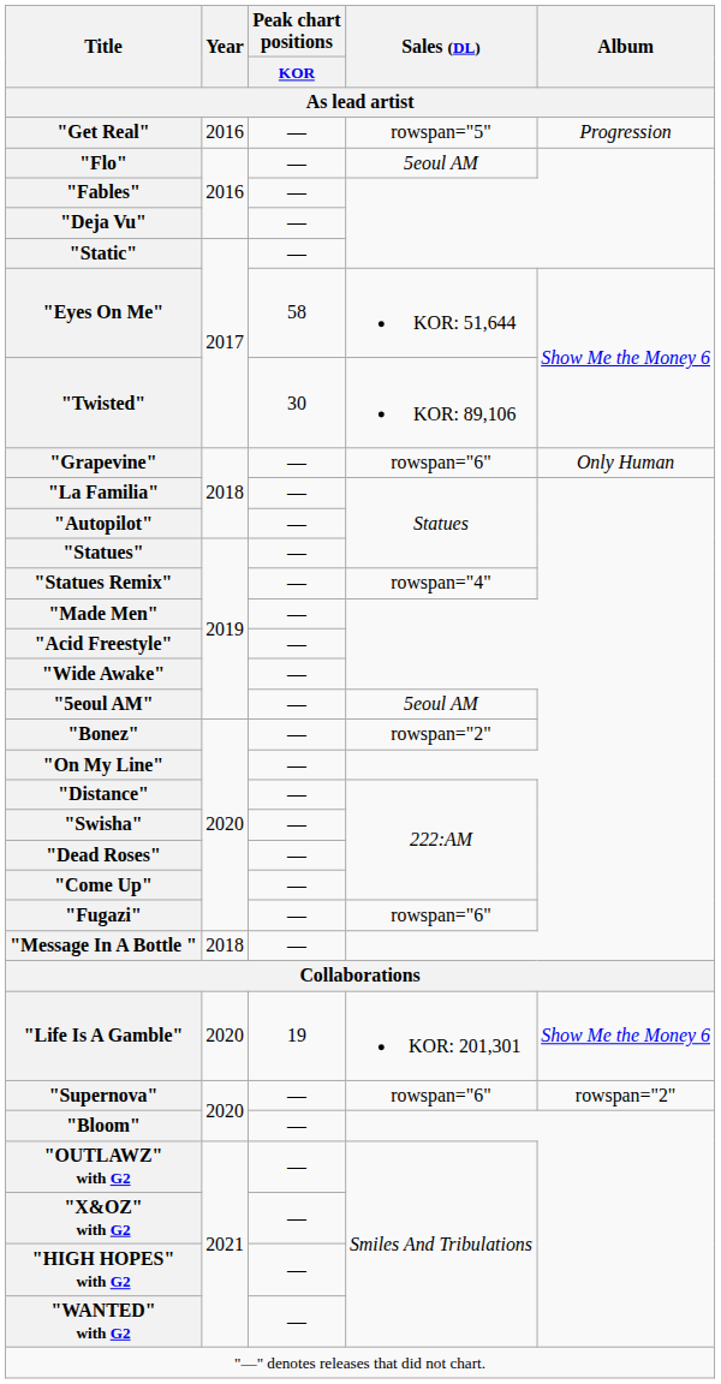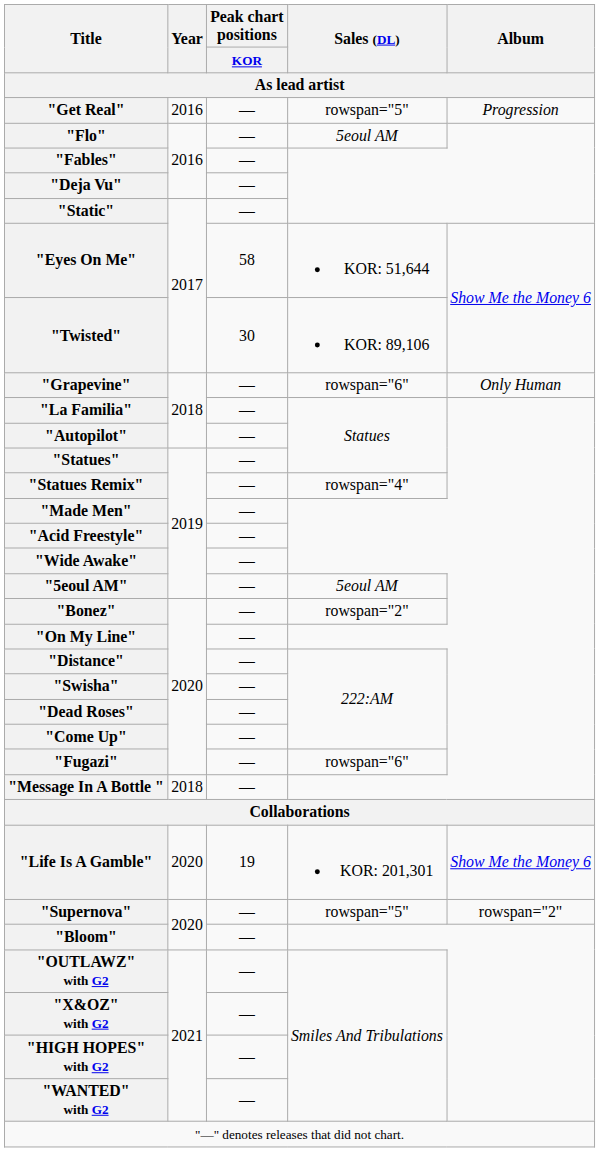 <table class="wikitable plainrowheaders" style="text-align:center;">
 <tr>
 <th scope="col" rowspan="2">Title</th>
 <th scope="col" rowspan="2">Year</th>
 <th scope="col" colspan="1">Peak chart <br> positions</th>
 <th scope="col" rowspan="2">Sales <small>(<a href='#'>DL</a>)</small></th>
 <th scope="col" rowspan="2">Album</th>
 </tr>
 <tr>
 <th><small><a href='#'>KOR</a></small><br></th>
 </tr>
 <tr>
 <th scope="col" colspan="5">As lead artist</th>
 </tr>
 <tr>
 <th scope="row">"Get Real"</th>
 <td>2016</td>
 <td>—</td>
 <td>rowspan="5" </td>
 <td><em>Progression</em></td>
 </tr>
 <tr>
 <th scope="row">"Flo"</th>
 <td rowspan="3">2016</td>
 <td>—</td>
 <td><em>5eoul AM</em></td>
 </tr>
 <tr>
 <th scope="row">"Fables"</th>
 <td>—</td>
 </tr>
 <tr>
 <th scope="row">"Deja Vu"</th>
 <td>—</td>
 </tr>
 <tr>
 <th scope="row">"Static" </th>
 <td rowspan="3">2017</td>
 <td>—</td>
 </tr>
 <tr>
 <th scope="row">"Eyes On Me"<br></th>
 <td>58</td>
 <td><br><ul><li>KOR: 51,644</li></ul></td>
 <td rowspan="2"><em><a href='#'>Show Me the Money 6</a></em></td>
 </tr>
 <tr>
 <th scope="row">"Twisted" <br></th>
 <td>30</td>
 <td><br><ul><li>KOR: 89,106</li></ul></td>
 </tr>
 <tr>
 <th scope="row">"Grapevine" <br></th>
 <td rowspan="3">2018</td>
 <td>—</td>
 <td>rowspan="6" </td>
 <td><em>Only Human</em></td>
 </tr>
 <tr>
 <th scope="row">"La Familia" </th>
 <td>—</td>
 <td rowspan="3"><em>Statues</em></td>
 </tr>
 <tr>
 <th scope="row">"Autopilot"<br></th>
 <td>—</td>
 </tr>
 <tr>
 <th scope="row">"Statues"</th>
 <td rowspan="6">2019</td>
 <td>—</td>
 </tr>
 <tr>
 <th scope="row">"Statues Remix"<br></th>
 <td>—</td>
 <td>rowspan="4" </td>
 </tr>
 <tr>
 <th scope="row">"Made Men"</th>
 <td>—</td>
 </tr>
 <tr>
 <th scope="row">"Acid Freestyle"</th>
 <td>—</td>
 </tr>
 <tr>
 <th scope="row">"Wide Awake"</th>
 <td>—</td>
 </tr>
 <tr>
 <th scope="row">"5eoul AM"<br></th>
 <td>—</td>
 <td><em>5eoul AM</em></td>
 </tr>
 <tr>
 <th scope="row">"Bonez"</th>
 <td rowspan="7">2020</td>
 <td>—</td>
 <td>rowspan="2" </td>
 </tr>
 <tr>
 <th scope="row">"On My Line"</th>
 <td>—</td>
 </tr>
 <tr>
 <th scope="row">"Distance"<br></th>
 <td>—</td>
 <td rowspan="4"><em>222:AM</em></td>
 </tr>
 <tr>
 <th scope="row">"Swisha"</th>
 <td>—</td>
 </tr>
 <tr>
 <th scope="row">"Dead Roses"</th>
 <td>—</td>
 </tr>
 <tr>
 <th scope="row">"Come Up"<br></th>
 <td>—</td>
 </tr>
 <tr>
 <th scope="row">"Fugazi"<br></th>
 <td>—</td>
 <td>rowspan="6" </td>
 </tr>
 <tr>
 <th scope="row">"Message In A Bottle "</th>
 <td rowspan="1">2018</td>
 <td>—</td>
 </tr>
 <tr>
 <th scope="col" colspan="5">Collaborations</th>
 </tr>
 <tr>
 <th scope="row">"Life Is A Gamble" <br></th>
 <td>2020</td>
 <td>19</td>
 <td><br><ul><li>KOR: 201,301</li></ul></td>
 <td><em><a href='#'>Show Me the Money 6</a></em></td>
 </tr>
 <tr>
 <th scope="row">"Supernova"<br></th>
 <td rowspan="2">2020</td>
 <td>—</td>
-<td>rowspan="6" </td>
+<td>rowspan="5" </td>
 <td>rowspan="2" </td>
 </tr>
 <tr>
 <th scope="row">"Bloom" <br></th>
 <td>—</td>
 </tr>
 <tr>
 <th scope="row">"OUTLAWZ"<br><small>with <a href='#'>G2</a></small></th>
 <td rowspan="4">2021</td>
 <td>—</td>
 <td rowspan="4"><em>Smiles And Tribulations</em></td>
 </tr>
 <tr>
 <th scope="row">"X&OZ"<br><small>with <a href='#'>G2</a></small></th>
 <td>—</td>
 </tr>
 <tr>
 <th scope="row">"HIGH HOPES"<br><small>with <a href='#'>G2</a></small></th>
 <td>—</td>
 </tr>
 <tr>
 <th scope="row">"WANTED"<br><small>with <a href='#'>G2</a></small></th>
 <td>—</td>
 </tr>
 <tr>
 <td colspan="5" align="center"><small>"—" denotes releases that did not chart.</small></td>
 </tr>
 </table>
